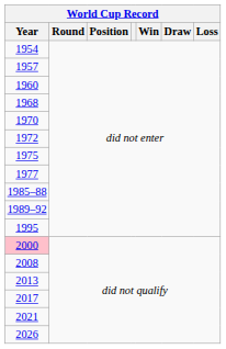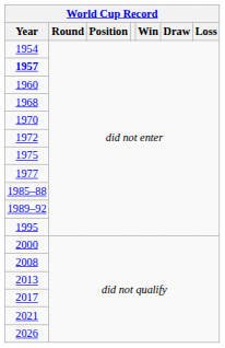 <table class="wikitable" style="text-align: center;">
 <tr>
 <th colspan=9><a href='#'>World Cup Record</a></th>
 </tr>
 <tr>
 <th>Year</th>
 <th>Round</th>
 <th>Position</th>
 <th></th>
 <th>Win</th>
 <th>Draw</th>
 <th>Loss</th>
 </tr>
 <tr>
 <td> <a href='#'>1954</a></td>
 <td rowspan=11 colspan=11><em>did not enter</em></td>
 </tr>
 <tr>
-<td> <a href='#'>1957</a></td>
+<td><strong> <a href='#'>1957</a></strong></td>
 </tr>
 <tr>
 <td> <a href='#'>1960</a></td>
 </tr>
 <tr>
 <td>  <a href='#'>1968</a></td>
 </tr>
 <tr>
 <td> <a href='#'>1970</a></td>
 </tr>
 <tr>
 <td> <a href='#'>1972</a></td>
 </tr>
 <tr>
 <td><a href='#'>1975</a></td>
 </tr>
 <tr>
 <td>  <a href='#'>1977</a></td>
 </tr>
 <tr>
 <td><a href='#'>1985–88</a></td>
 </tr>
 <tr>
 <td><a href='#'>1989–92</a></td>
 </tr>
 <tr>
 <td> <a href='#'>1995</a></td>
 </tr>
 <tr>
-<td style="background: pink;">   <a href='#'>2000</a></td>
+<td>   <a href='#'>2000</a></td>
 <td rowspan=6 colspan=11><em>did not qualify</em></td>
 </tr>
 <tr>
 <td> <a href='#'>2008</a></td>
 </tr>
 <tr>
 <td>  <a href='#'>2013</a></td>
 </tr>
 <tr>
 <td>   <a href='#'>2017</a></td>
 </tr>
 <tr>
 <td> <a href='#'>2021</a></td>
 </tr>
 <tr>
 <td> <a href='#'>2026</a></td>
 </tr>
 </table>
